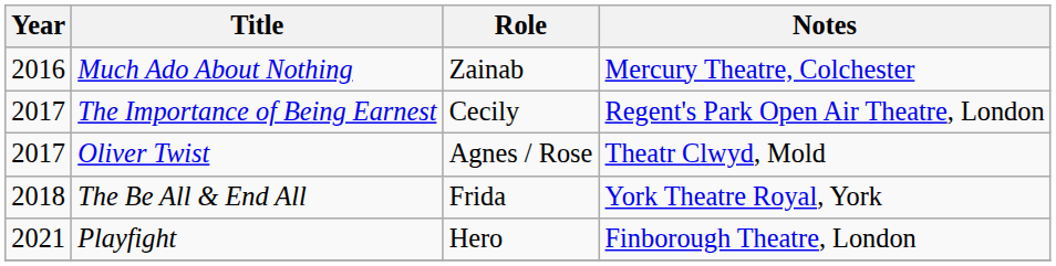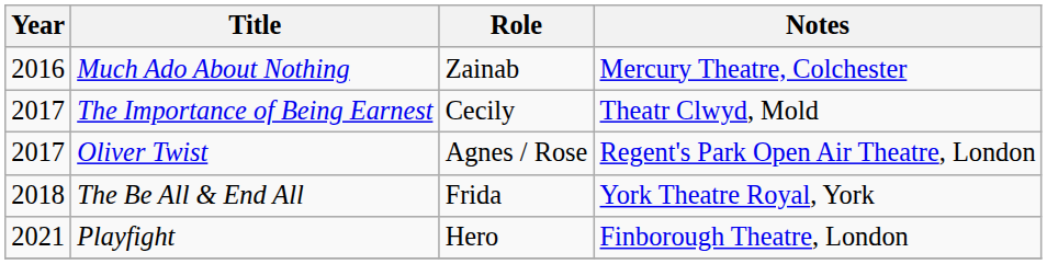 <table class="wikitable sortable">
 <tr>
 <th>Year</th>
 <th>Title</th>
 <th>Role</th>
 <th class="unsortable">Notes</th>
 </tr>
 <tr>
 <td>2016</td>
 <td><em><a href='#'>Much Ado About Nothing</a></em></td>
 <td>Zainab</td>
 <td><a href='#'>Mercury Theatre, Colchester</a></td>
 </tr>
 <tr>
 <td>2017</td>
 <td><em><a href='#'>The Importance of Being Earnest</a></em></td>
 <td>Cecily</td>
-<td><a href='#'>Regent's Park Open Air Theatre</a>, London</td>
+<td><a href='#'>Theatr Clwyd</a>, Mold</td>
 </tr>
 <tr>
 <td>2017</td>
 <td><em><a href='#'>Oliver Twist</a></em></td>
 <td>Agnes / Rose</td>
-<td><a href='#'>Theatr Clwyd</a>, Mold</td>
+<td><a href='#'>Regent's Park Open Air Theatre</a>, London</td>
 </tr>
 <tr>
 <td>2018</td>
 <td><em>The Be All & End All</em></td>
 <td>Frida</td>
 <td><a href='#'>York Theatre Royal</a>, York</td>
 </tr>
 <tr>
 <td>2021</td>
 <td><em>Playfight</em></td>
 <td>Hero</td>
 <td><a href='#'>Finborough Theatre</a>, London</td>
 </tr>
 <tr>
 </tr>
 </table>
